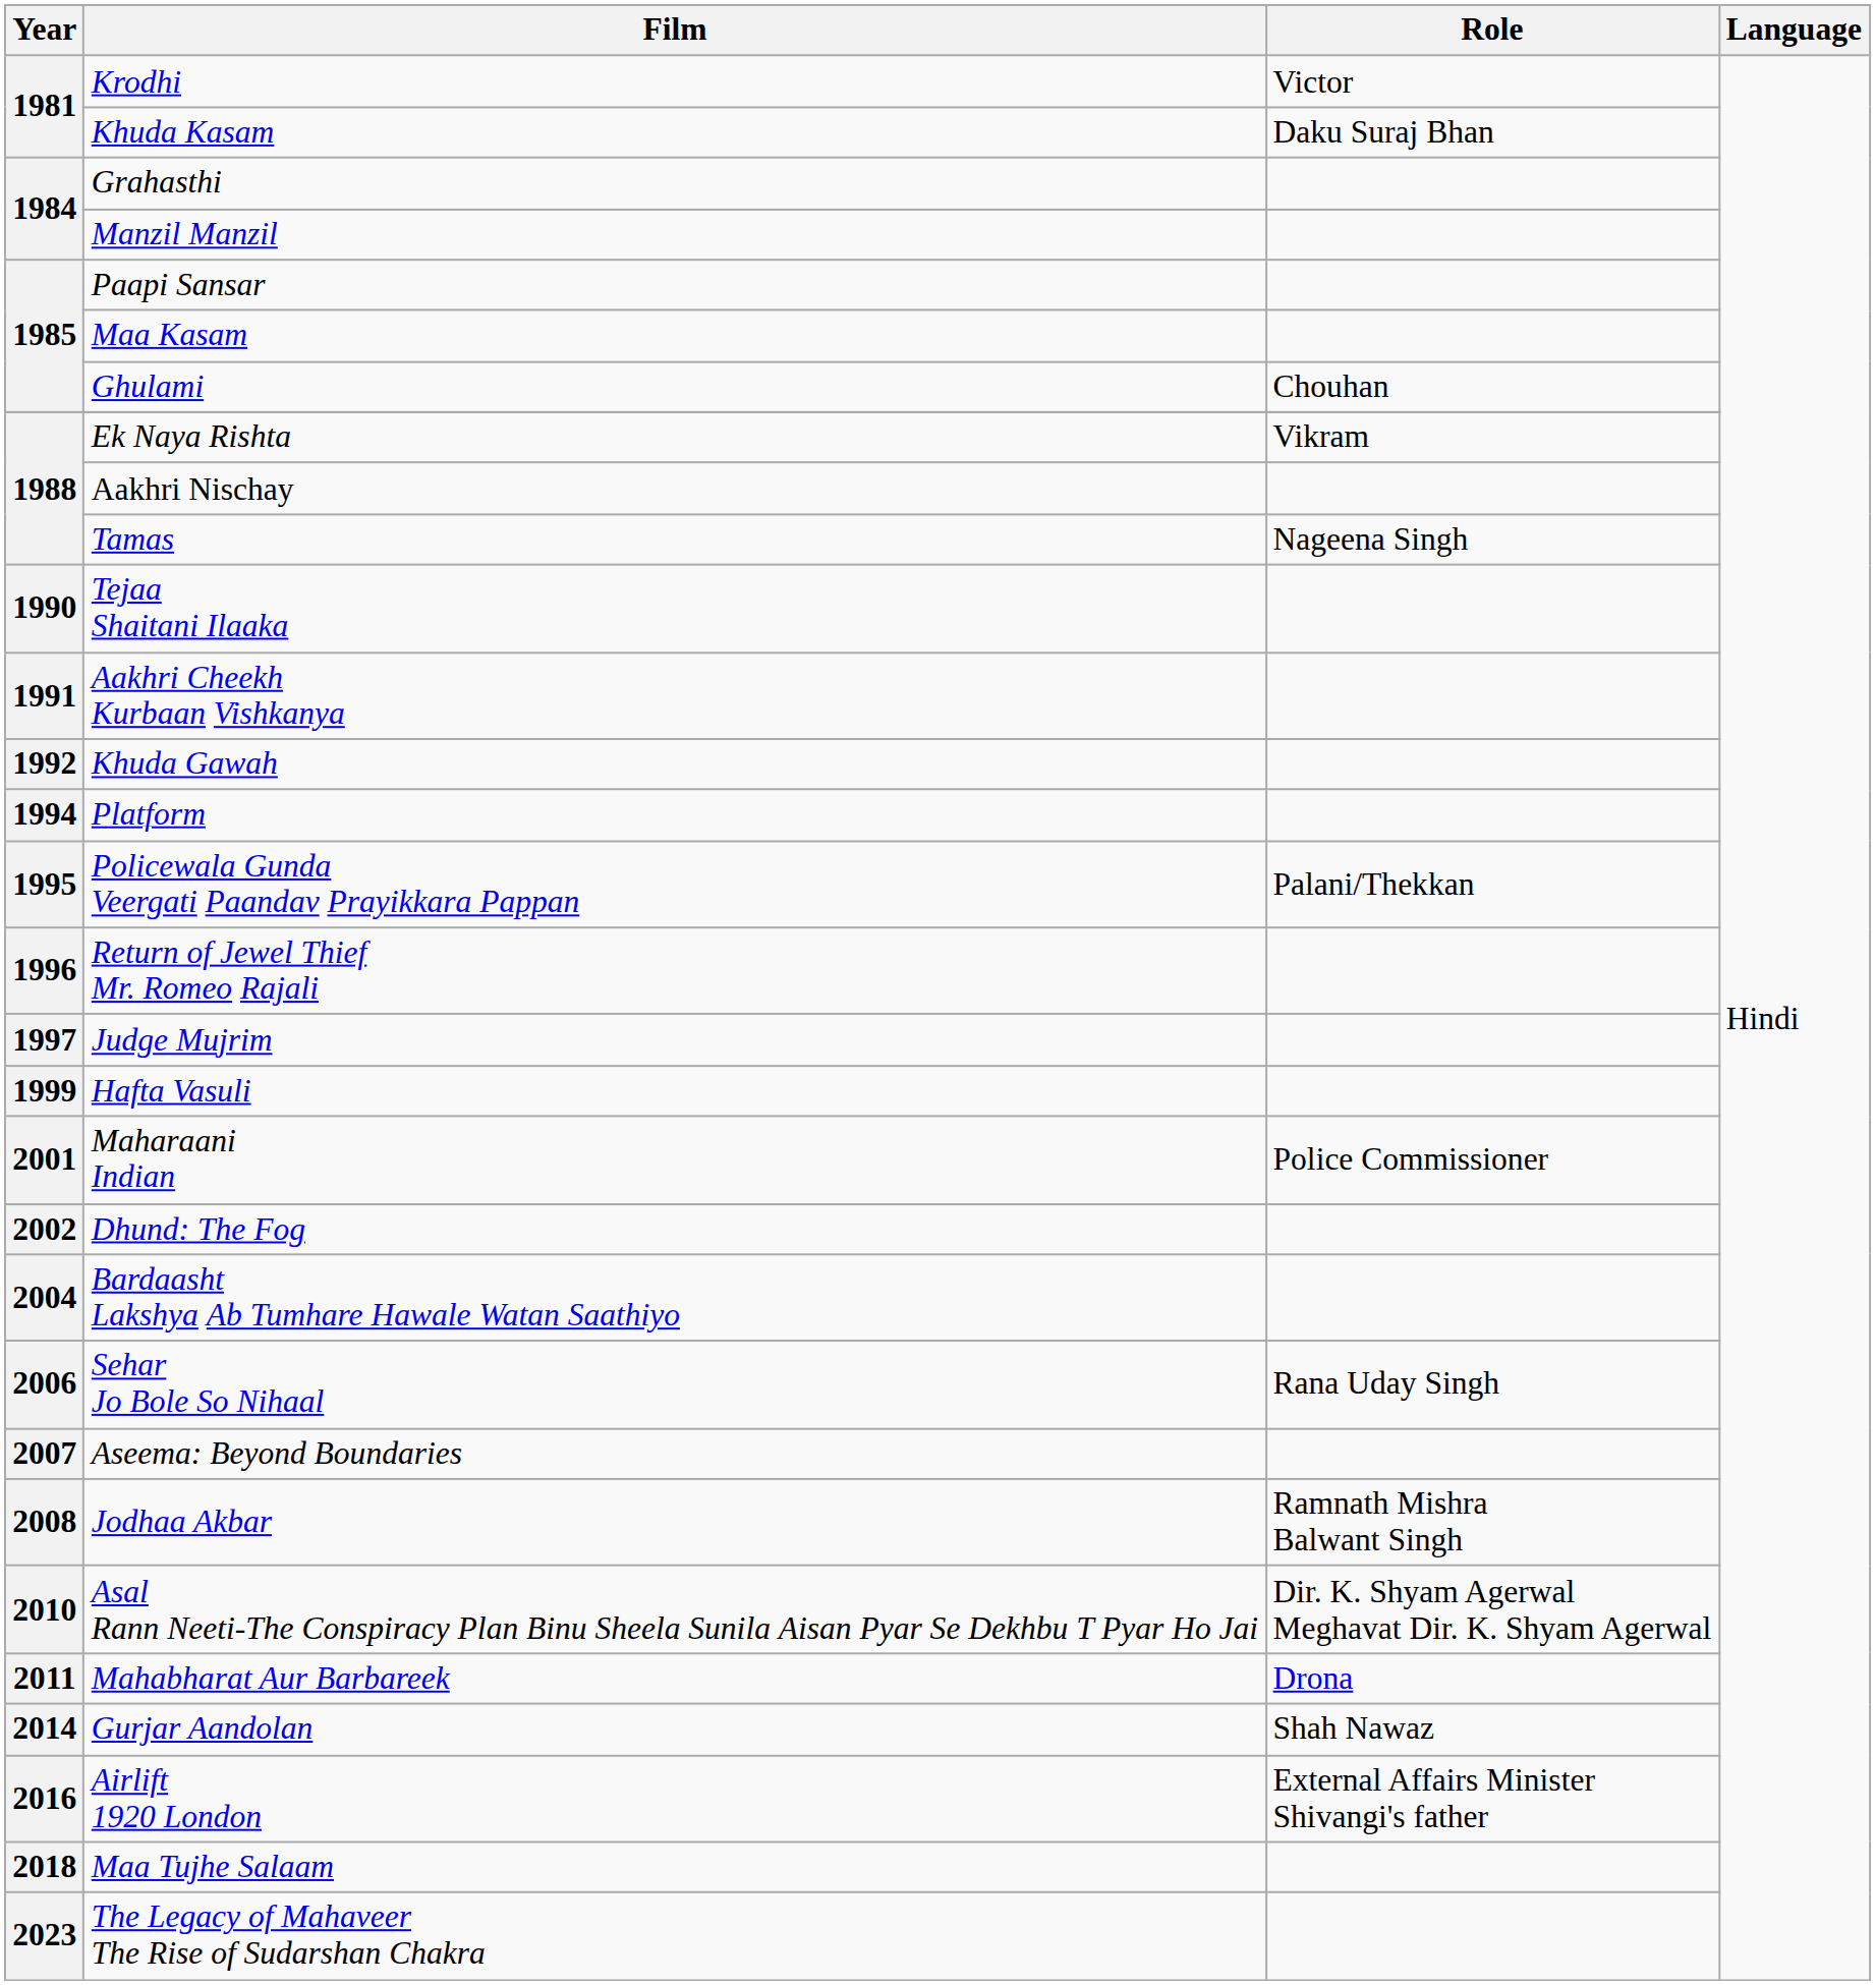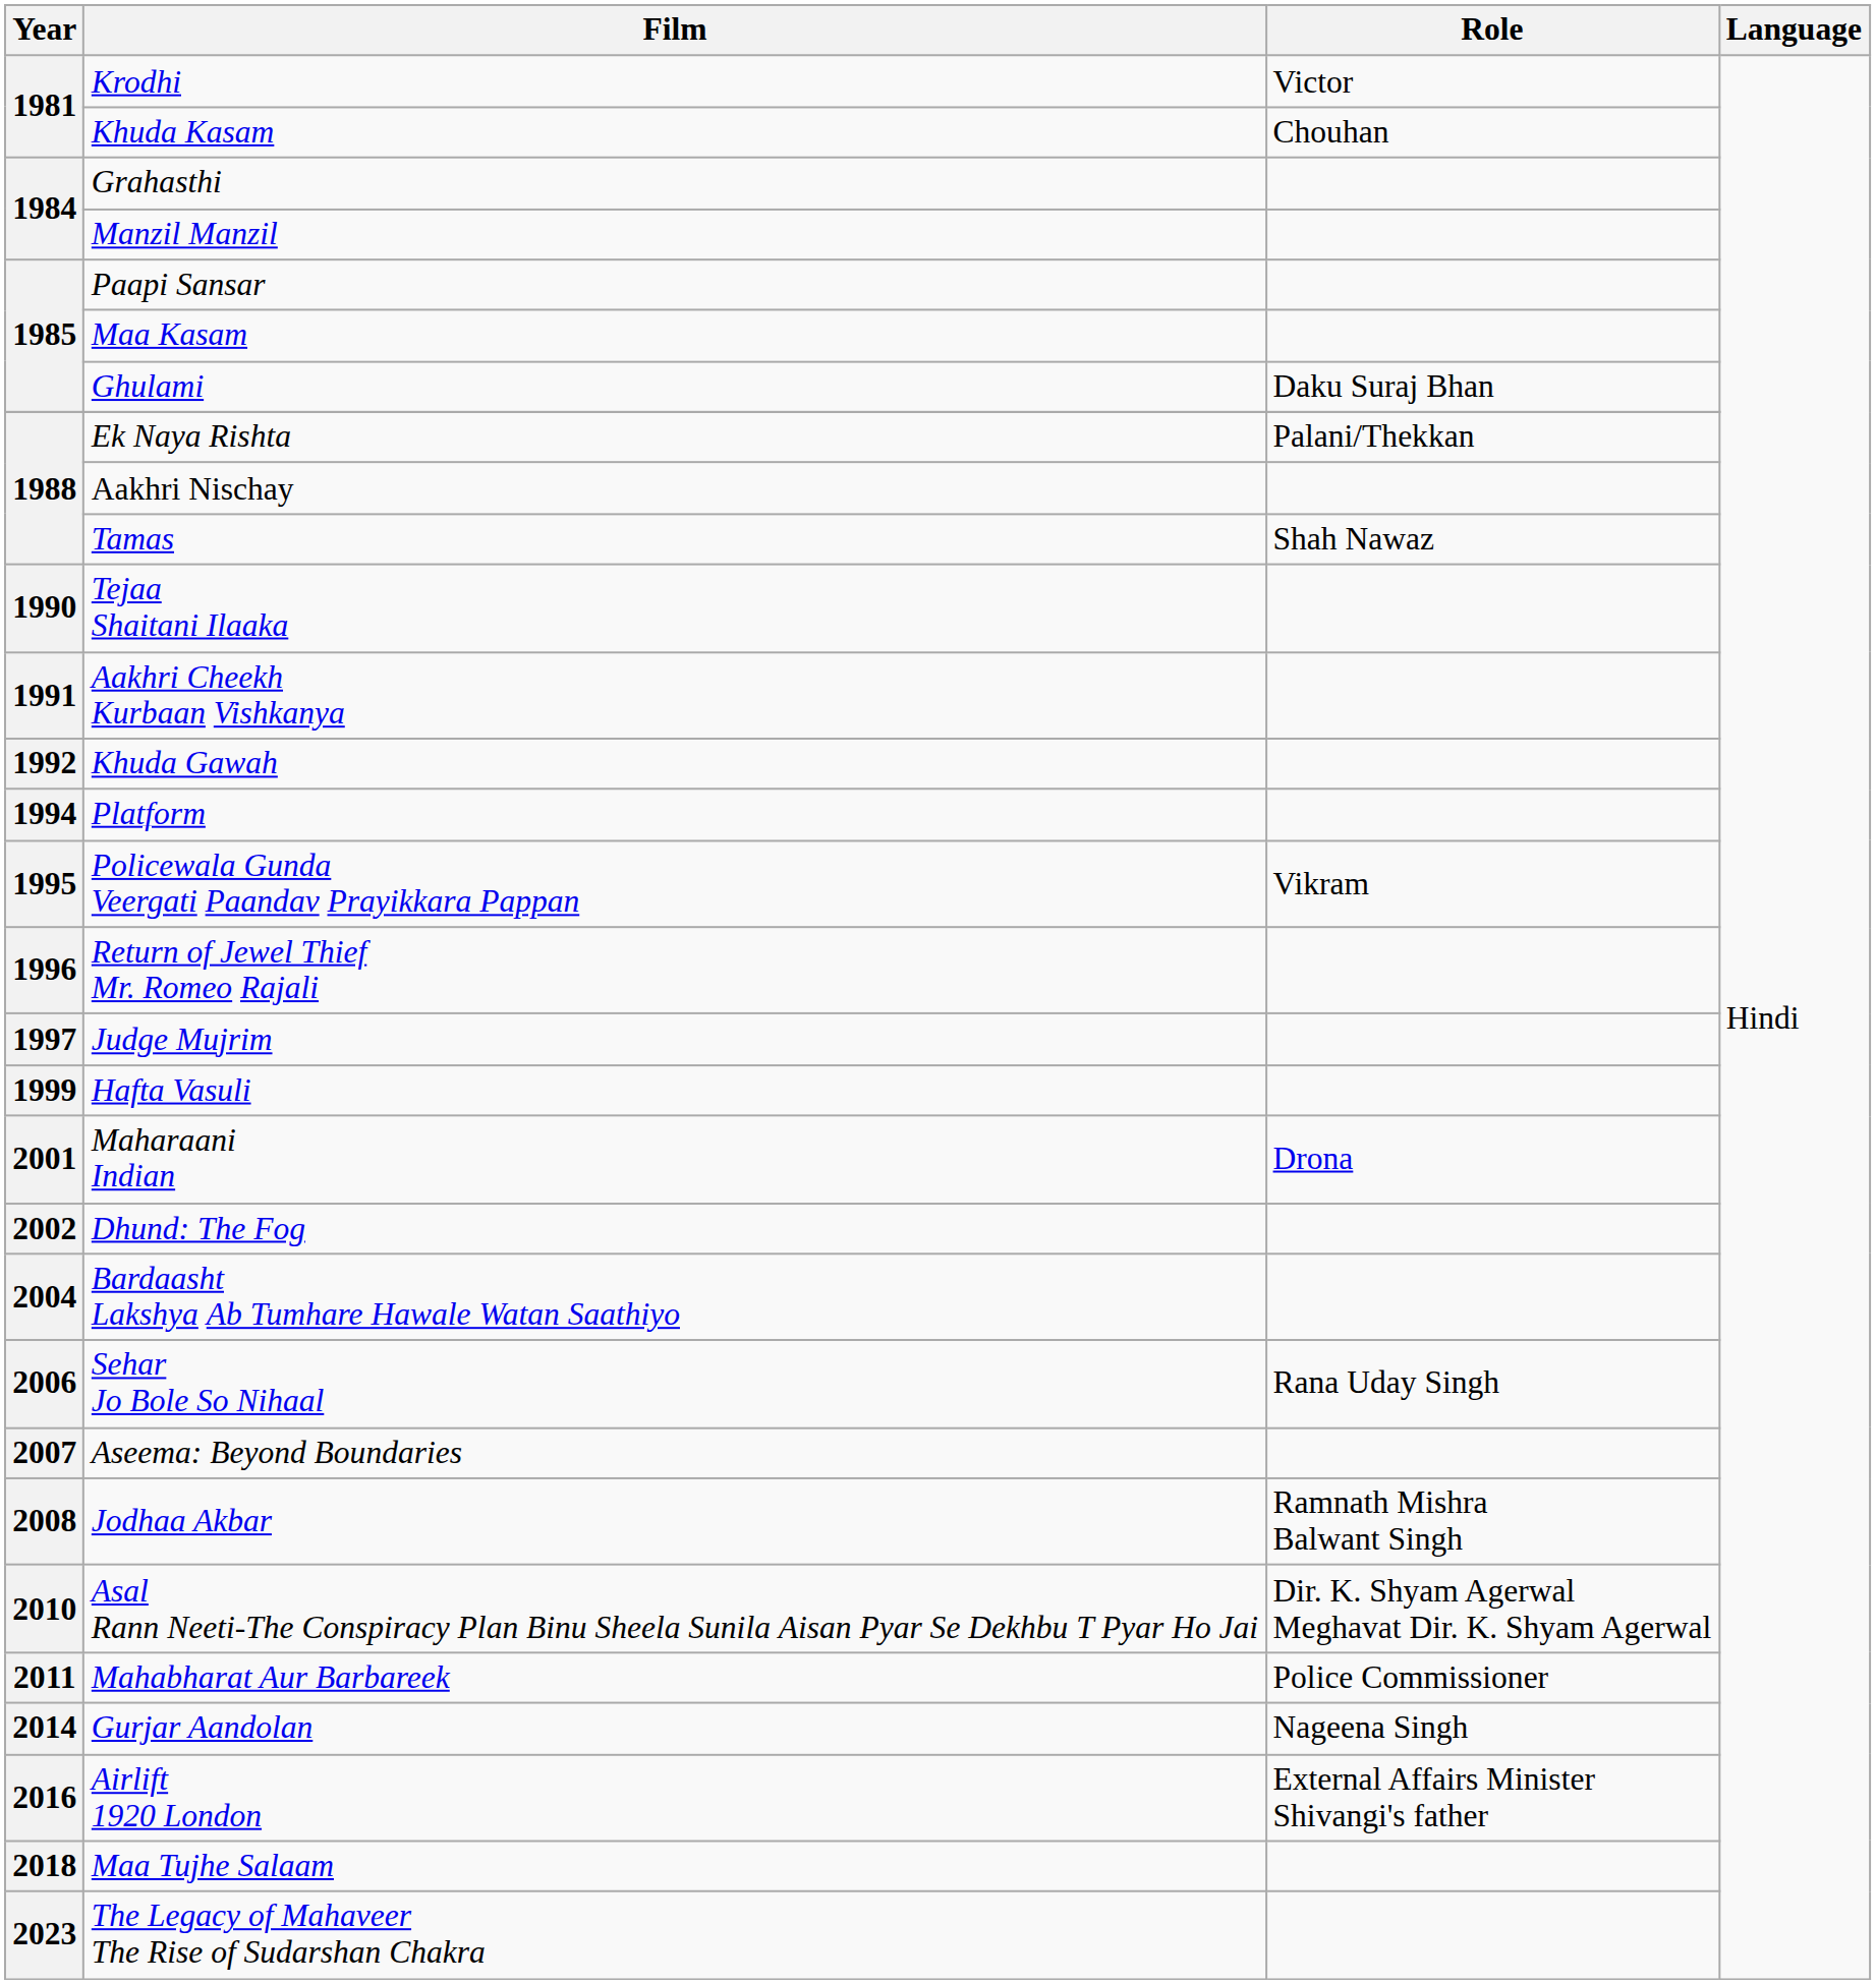 <table class= "wikitable sortable">
 <tr>
 <th>Year</th>
 <th>Film</th>
 <th>Role</th>
 <th>Language</th>
 </tr>
 <tr>
 <th rowspan=2>1981</th>
 <td><em><a href='#'>Krodhi</a></em></td>
 <td>Victor</td>
 <td rowspan="40">Hindi</td>
 </tr>
 <tr>
 <td><em><a href='#'>Khuda Kasam</a></em></td>
-<td>Daku Suraj Bhan</td>
+<td>Chouhan</td>
 </tr>
 <tr>
 <th rowspan=2>1984</th>
 <td><em>Grahasthi</em></td>
 <td></td>
 </tr>
 <tr>
 <td><em><a href='#'>Manzil Manzil</a></em></td>
 <td></td>
 </tr>
 <tr>
 <th rowspan=3>1985</th>
 <td><em>Paapi Sansar</em></td>
 <td></td>
 </tr>
 <tr>
 <td><em><a href='#'>Maa Kasam</a></em></td>
 <td></td>
 </tr>
 <tr>
 <td><em><a href='#'>Ghulami</a></em></td>
-<td>Chouhan</td>
+<td>Daku Suraj Bhan</td>
 </tr>
 <tr>
 </tr>
 <tr>
 <th rowspan=3>1988</th>
 <td><em>Ek Naya Rishta</em></td>
-<td>Vikram</td>
+<td>Palani/Thekkan</td>
 </tr>
 <tr>
 <td>Aakhri Nischay</td>
 <td></td>
 </tr>
 <tr>
 <td><em><a href='#'>Tamas</a></em></td>
-<td>Nageena Singh</td>
+<td>Shah Nawaz</td>
 </tr>
 <tr>
 <th>1990</th>
 <td><em><a href='#'>Tejaa</a></em><br><em><a href='#'>Shaitani Ilaaka</a></em></td>
 <td></td>
 </tr>
 <tr>
 <th>1991</th>
 <td><em><a href='#'>Aakhri Cheekh</a></em><br><em><a href='#'>Kurbaan</a></em>  <em><a href='#'>Vishkanya</a></em></td>
 <td></td>
 </tr>
 <tr>
 <th>1992</th>
 <td><em><a href='#'>Khuda Gawah</a></em></td>
 <td></td>
 </tr>
 <tr>
 <th>1994</th>
 <td><em><a href='#'>Platform</a></em></td>
 <td></td>
 </tr>
 <tr>
 <th>1995</th>
 <td><em><a href='#'>Policewala Gunda</a></em><br><em><a href='#'>Veergati</a></em> <em><a href='#'>Paandav</a></em> <em><a href='#'>Prayikkara Pappan</a></em></td>
-<td>Palani/Thekkan</td>
+<td>Vikram</td>
 </tr>
 <tr>
 <th>1996</th>
 <td><em><a href='#'>Return of Jewel Thief</a></em><br><em><a href='#'>Mr. Romeo</a></em> <em><a href='#'>Rajali</a></em></td>
 <td></td>
 </tr>
 <tr>
 <th>1997</th>
 <td><em><a href='#'>Judge Mujrim</a></em></td>
 <td></td>
 </tr>
 <tr>
 <th>1999</th>
 <td><em><a href='#'>Hafta Vasuli</a></em></td>
 <td></td>
 </tr>
 <tr>
 <th>2001</th>
 <td><em>Maharaani</em><br><em><a href='#'>Indian</a></em></td>
-<td>Police Commissioner</td>
+<td><a href='#'>Drona</a></td>
 </tr>
 <tr>
 <th>2002</th>
 <td><em><a href='#'>Dhund: The Fog</a></em></td>
 <td></td>
 </tr>
 <tr>
 <th>2004</th>
 <td><em><a href='#'>Bardaasht</a></em><br><em><a href='#'>Lakshya</a></em> <em><a href='#'>Ab Tumhare Hawale Watan Saathiyo</a></em></td>
 <td></td>
 </tr>
 <tr>
 <th>2006</th>
 <td><em><a href='#'>Sehar</a></em><br><em><a href='#'>Jo Bole So Nihaal</a></em></td>
 <td>Rana Uday Singh</td>
 </tr>
 <tr>
 <th>2007</th>
 <td><em>Aseema: Beyond Boundaries</em></td>
 <td></td>
 </tr>
 <tr>
 <th>2008</th>
 <td><em><a href='#'>Jodhaa Akbar</a></em></td>
 <td>Ramnath Mishra<br>Balwant Singh</td>
 </tr>
 <tr>
 <th>2010</th>
 <td><em><a href='#'>Asal</a></em><br><em>Rann Neeti-The Conspiracy Plan</em> <em>Binu Sheela Sunila</em> <em>Aisan Pyar Se Dekhbu T Pyar Ho Jai</em></td>
 <td>Dir. K. Shyam Agerwal<br>Meghavat Dir. K. Shyam Agerwal</td>
 </tr>
 <tr>
 <th>2011</th>
 <td><em><a href='#'>Mahabharat Aur Barbareek</a></em></td>
-<td><a href='#'>Drona</a></td>
+<td>Police Commissioner</td>
 </tr>
 <tr>
 <th>2014</th>
 <td><em><a href='#'>Gurjar Aandolan</a></em></td>
-<td>Shah Nawaz</td>
+<td>Nageena Singh</td>
 </tr>
 <tr>
 <th>2016</th>
 <td><em><a href='#'>Airlift</a></em><br><em><a href='#'>1920 London</a></em></td>
 <td>External Affairs Minister<br>Shivangi's father</td>
 </tr>
 <tr>
 <th>2018</th>
 <td><em><a href='#'>Maa Tujhe Salaam</a></em></td>
 <td></td>
 </tr>
 <tr>
 <th>2023</th>
 <td><em><a href='#'>The Legacy of Mahaveer</a></em><br><em>The Rise of Sudarshan Chakra</em></td>
 </tr>
 </table>
